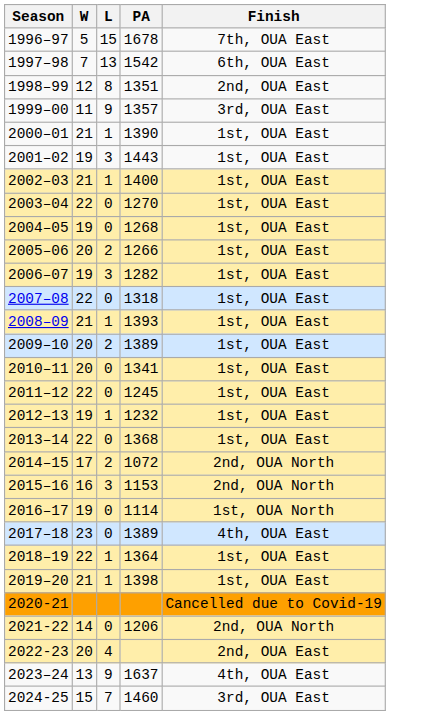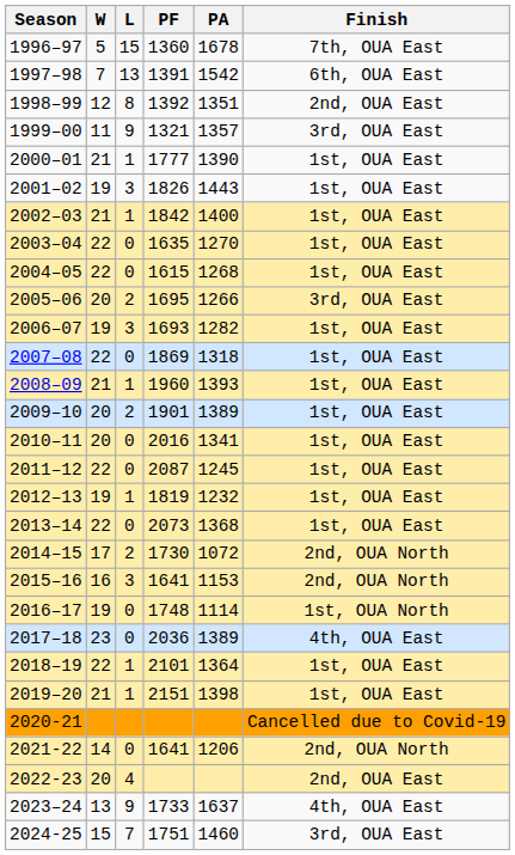 <table class="wikitable">
 <tr>
 <th>Season</th>
 <th>W</th>
 <th>L</th>
+<th>PF</th>
 <th>PA</th>
 <th>Finish</th>
 </tr>
 <tr align="center" bgcolor="">
 <td>1996–97</td>
 <td>5</td>
 <td>15</td>
+<td>1360</td>
 <td>1678</td>
 <td>7th, OUA East</td>
 </tr>
 <tr align="center" bgcolor="">
 <td>1997–98</td>
 <td>7</td>
 <td>13</td>
+<td>1391</td>
 <td>1542</td>
 <td>6th, OUA East</td>
 </tr>
 <tr align="center" bgcolor="">
 <td>1998–99</td>
 <td>12</td>
 <td>8</td>
+<td>1392</td>
 <td>1351</td>
 <td>2nd, OUA East</td>
 </tr>
 <tr align="center" bgcolor="">
 <td>1999–00</td>
 <td>11</td>
 <td>9</td>
+<td>1321</td>
 <td>1357</td>
 <td>3rd, OUA East</td>
 </tr>
 <tr align="center" bgcolor="">
 <td>2000–01</td>
 <td>21</td>
 <td>1</td>
+<td>1777</td>
 <td>1390</td>
 <td>1st, OUA East</td>
 </tr>
 <tr align="center" bgcolor="">
 <td>2001–02</td>
 <td>19</td>
 <td>3</td>
+<td>1826</td>
 <td>1443</td>
 <td>1st, OUA East</td>
 </tr>
 <tr align="center" bgcolor="#fea">
 <td>2002–03</td>
 <td>21</td>
 <td>1</td>
+<td>1842</td>
 <td>1400</td>
 <td>1st, OUA East</td>
 </tr>
 <tr align="center" bgcolor="#fea">
 <td>2003–04</td>
 <td>22</td>
 <td>0</td>
+<td>1635</td>
 <td>1270</td>
 <td>1st, OUA East</td>
 </tr>
 <tr align="center" bgcolor="#fea">
 <td>2004–05</td>
-<td>19</td>
+<td>22</td>
 <td>0</td>
+<td>1615</td>
 <td>1268</td>
 <td>1st, OUA East</td>
 </tr>
 <tr align="center" bgcolor="#fea">
 <td>2005–06</td>
 <td>20</td>
 <td>2</td>
+<td>1695</td>
 <td>1266</td>
-<td>1st, OUA East</td>
+<td>3rd, OUA East</td>
 </tr>
 <tr align="center" bgcolor="#fea">
 <td>2006–07</td>
 <td>19</td>
 <td>3</td>
+<td>1693</td>
 <td>1282</td>
 <td>1st, OUA East</td>
 </tr>
 <tr align="center" bgcolor="#d0e7ff">
 <td><a href='#'>2007–08</a></td>
 <td>22</td>
 <td>0</td>
+<td>1869</td>
 <td>1318</td>
 <td>1st, OUA East</td>
 </tr>
 <tr align="center" bgcolor="#fea">
 <td><a href='#'>2008–09</a></td>
 <td>21</td>
 <td>1</td>
+<td>1960</td>
 <td>1393</td>
 <td>1st, OUA East</td>
 </tr>
 <tr align="center" bgcolor="#d0e7ff">
 <td>2009–10</td>
 <td>20</td>
 <td>2</td>
+<td>1901</td>
 <td>1389</td>
 <td>1st, OUA East</td>
 </tr>
 <tr align="center" bgcolor="#fea">
 <td>2010–11</td>
 <td>20</td>
 <td>0</td>
+<td>2016</td>
 <td>1341</td>
 <td>1st, OUA East</td>
 </tr>
 <tr align="center" bgcolor="#fea">
 <td>2011–12</td>
 <td>22</td>
 <td>0</td>
+<td>2087</td>
 <td>1245</td>
 <td>1st, OUA East</td>
 </tr>
 <tr align="center" bgcolor="#fea">
 <td>2012–13</td>
 <td>19</td>
 <td>1</td>
+<td>1819</td>
 <td>1232</td>
 <td>1st, OUA East</td>
 </tr>
 <tr align="center" bgcolor="#fea">
 <td>2013–14</td>
 <td>22</td>
 <td>0</td>
+<td>2073</td>
 <td>1368</td>
 <td>1st, OUA East</td>
 </tr>
 <tr align="center" bgcolor="#fea">
 <td>2014–15</td>
 <td>17</td>
 <td>2</td>
+<td>1730</td>
 <td>1072</td>
 <td>2nd, OUA North</td>
 </tr>
 <tr align="center" bgcolor="#fea">
 <td>2015–16</td>
 <td>16</td>
 <td>3</td>
+<td>1641</td>
 <td>1153</td>
 <td>2nd, OUA North</td>
 </tr>
 <tr align="center" bgcolor="#fea">
 <td>2016–17</td>
 <td>19</td>
 <td>0</td>
+<td>1748</td>
 <td>1114</td>
 <td>1st, OUA North</td>
 </tr>
 <tr align="center" bgcolor="#d0e7ff">
 <td>2017–18</td>
 <td>23</td>
 <td>0</td>
+<td>2036</td>
 <td>1389</td>
 <td>4th, OUA East</td>
 </tr>
 <tr align="center" bgcolor="#fea">
 <td>2018–19</td>
 <td>22</td>
 <td>1</td>
+<td>2101</td>
 <td>1364</td>
 <td>1st, OUA East</td>
 </tr>
 <tr align="center" bgcolor="#fea">
 <td>2019–20</td>
 <td>21</td>
 <td>1</td>
+<td>2151</td>
 <td>1398</td>
 <td>1st, OUA East</td>
 </tr>
 <tr align="center" bgcolor="#fea”">
 <td>2020-21</td>
+<td></td>
 <td></td>
 <td></td>
 <td></td>
 <td>Cancelled due to Covid-19</td>
 </tr>
 <tr align="center" bgcolor="#fea">
 <td>2021-22</td>
 <td>14</td>
 <td>0</td>
+<td>1641</td>
 <td>1206</td>
 <td>2nd, OUA North</td>
 </tr>
 <tr align="center" bgcolor="#fea">
 <td>2022-23</td>
 <td>20</td>
 <td>4</td>
 <td></td>
+<td></td>
 <td>2nd, OUA East</td>
 </tr>
 <tr align="center">
 <td>2023–24</td>
 <td>13</td>
 <td>9</td>
+<td>1733</td>
 <td>1637</td>
 <td>4th, OUA East</td>
 </tr>
 <tr align="center">
 <td>2024-25</td>
 <td>15</td>
 <td>7</td>
+<td>1751</td>
 <td>1460</td>
 <td>3rd, OUA East</td>
 </tr>
 </table>
